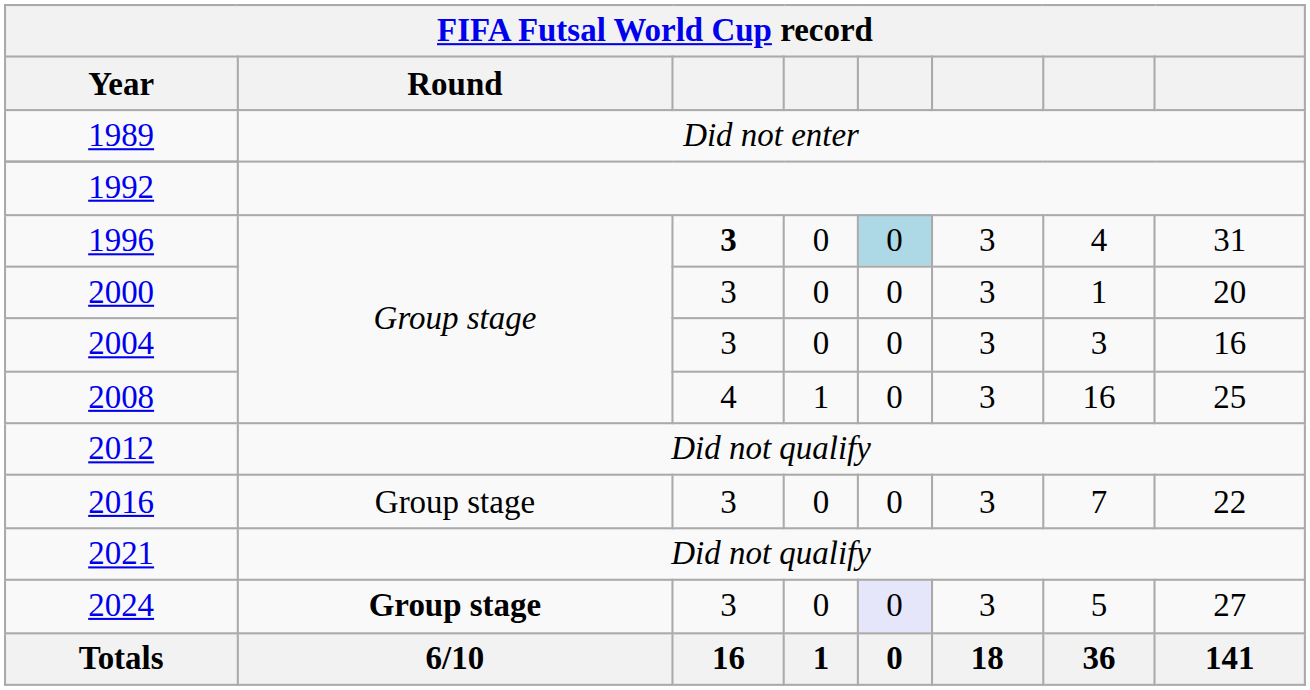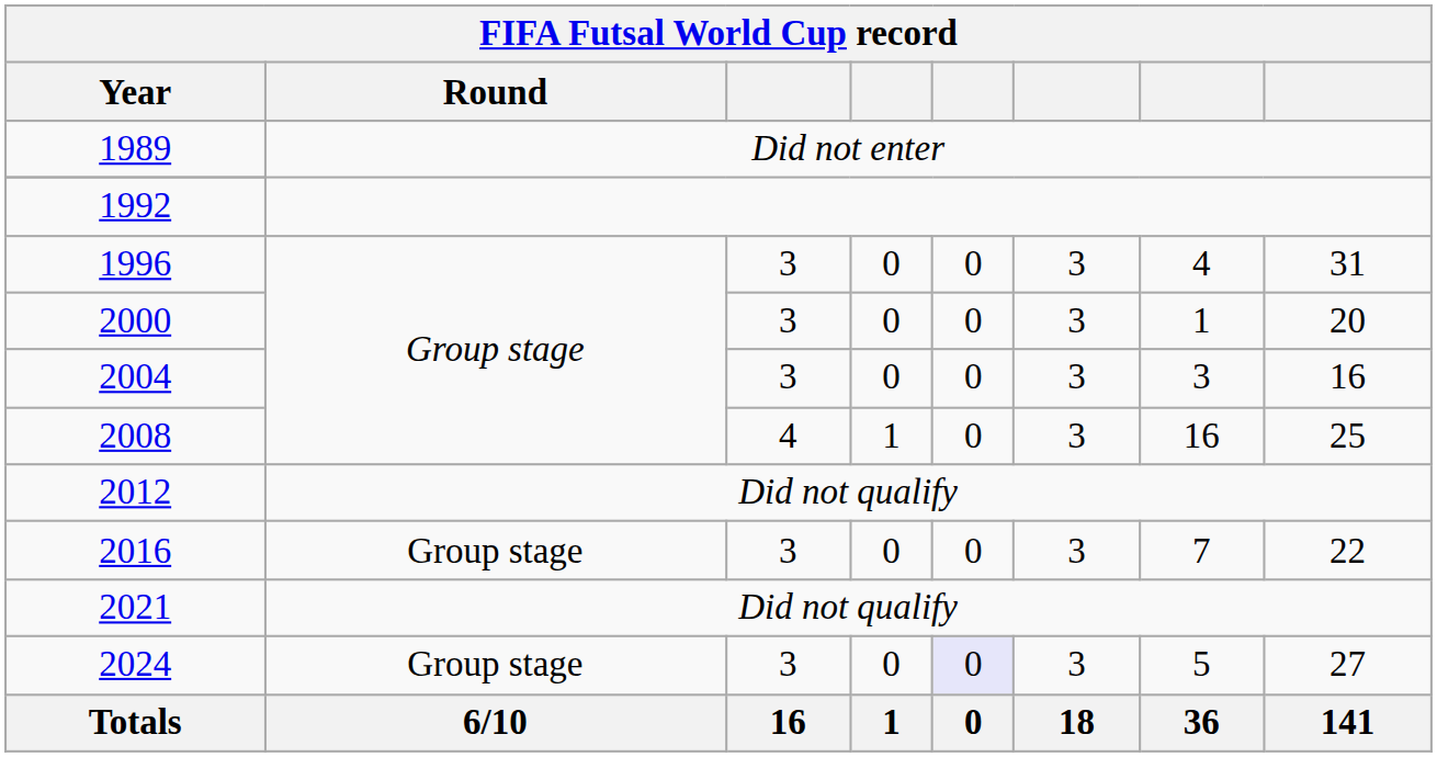 <table class="wikitable" width="50%" style="text-align:center;">
 <tr>
 <th colspan="8"><a href='#'>FIFA Futsal World Cup</a> record</th>
 </tr>
 <tr>
 <th>Year</th>
 <th>Round</th>
 <th></th>
 <th></th>
 <th></th>
 <th></th>
 <th></th>
 <th></th>
 </tr>
 <tr>
 <td> <a href='#'>1989</a></td>
 <td colspan="8" rowspan="2"><em>Did not enter </em></td>
 </tr>
 <tr>
 </tr>
 <tr>
 </tr>
 <tr>
 </tr>
 <tr>
 <td> <a href='#'>1992</a></td>
 </tr>
 <tr>
 <td> <a href='#'>1996</a></td>
 <td rowspan="4"><em>Group stage</em></td>
-<td><strong>3</strong></td>
+<td>3</td>
 <td>0</td>
-<td style="background: lightblue;">0</td>
+<td>0</td>
 <td>3</td>
 <td>4</td>
 <td>31</td>
 </tr>
 <tr>
 <td> <a href='#'>2000</a></td>
 <td>3</td>
 <td>0</td>
 <td>0</td>
 <td>3</td>
 <td>1</td>
 <td>20</td>
 </tr>
 <tr>
 <td> <a href='#'>2004</a></td>
 <td>3</td>
 <td>0</td>
 <td>0</td>
 <td>3</td>
 <td>3</td>
 <td>16</td>
 </tr>
 <tr>
 <td> <a href='#'>2008</a></td>
 <td>4</td>
 <td>1</td>
 <td>0</td>
 <td>3</td>
 <td>16</td>
 <td>25</td>
 </tr>
 <tr>
 <td> <a href='#'>2012</a></td>
 <td colspan="8"><em>Did not qualify</em></td>
 </tr>
 <tr>
 <td> <a href='#'>2016</a></td>
 <td>Group stage</td>
 <td>3</td>
 <td>0</td>
 <td>0</td>
 <td>3</td>
 <td>7</td>
 <td>22</td>
 </tr>
 <tr>
 <td> <a href='#'>2021</a></td>
 <td colspan="8" rowspan="1"><em>Did not qualify</em></td>
 </tr>
 <tr>
 <td> <a href='#'>2024</a></td>
-<td><strong>Group stage</strong></td>
+<td>Group stage</td>
 <td>3</td>
 <td>0</td>
 <td style="background: lavender;">0</td>
 <td>3</td>
 <td>5</td>
 <td>27</td>
 </tr>
 <tr>
 <th>Totals</th>
 <th>6/10</th>
 <th>16</th>
 <th>1</th>
 <th>0</th>
 <th>18</th>
 <th>36</th>
 <th>141</th>
 </tr>
 </table>
